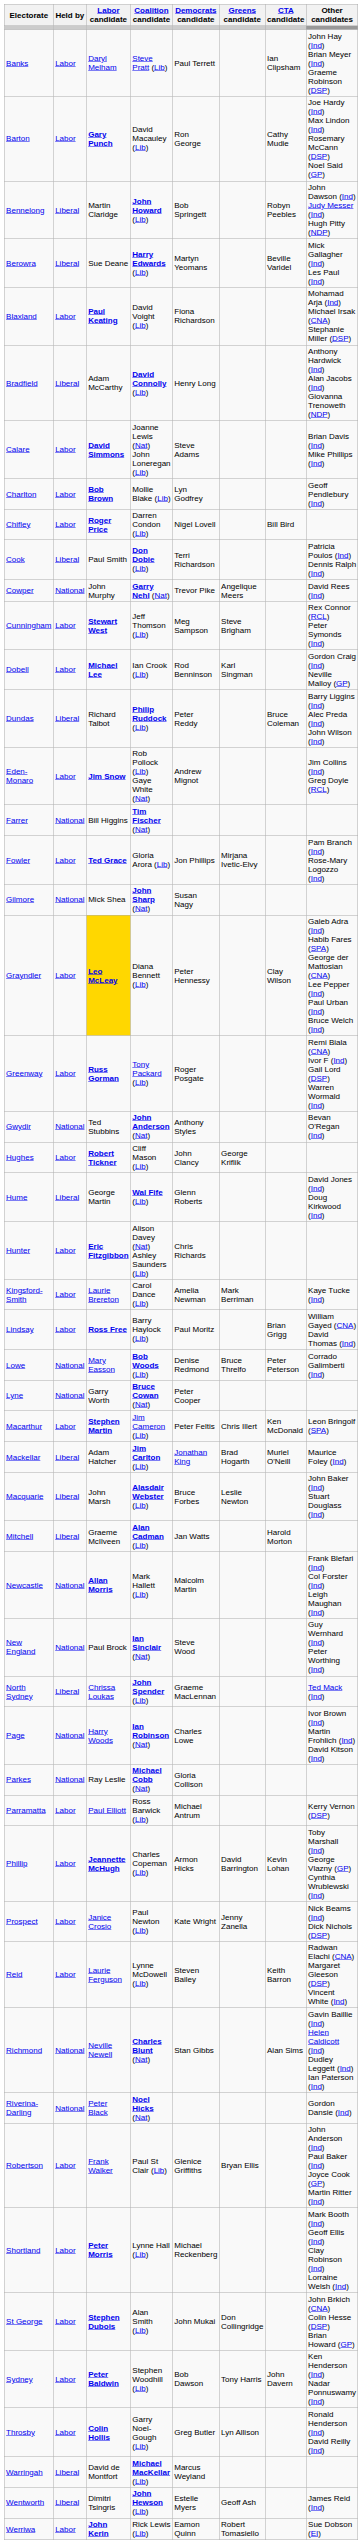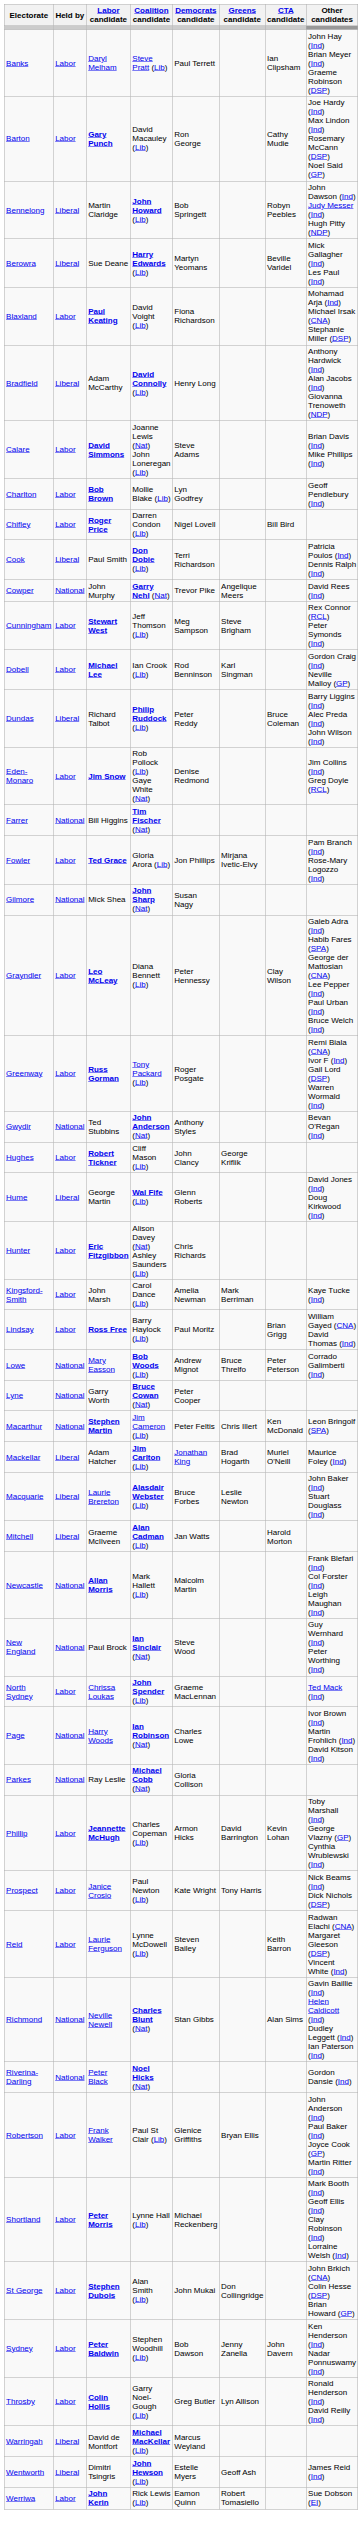 <table class="wikitable">
 <tr>
 <th>Electorate</th>
 <th>Held by</th>
 <th><a href='#'>Labor</a> candidate</th>
 <th><a href='#'>Coalition</a> candidate</th>
 <th><a href='#'>Democrats</a> candidate</th>
 <th><a href='#'>Greens</a> candidate</th>
 <th><a href='#'>CTA</a> candidate</th>
 <th>Other candidates</th>
 </tr>
 <tr bgcolor="#cccccc">
 <td></td>
 <td></td>
 <td></td>
 <td></td>
 <td></td>
 <td></td>
 <td></td>
 <td bgcolor="#999999"></td>
 </tr>
 <tr>
 <td><a href='#'>Banks</a></td>
 <td><a href='#'>Labor</a></td>
 <td><a href='#'>Daryl Melham</a></td>
 <td><a href='#'>Steve Pratt</a> (<a href='#'>Lib</a>)</td>
 <td>Paul Terrett</td>
 <td></td>
 <td>Ian Clipsham</td>
 <td>John Hay (<a href='#'>Ind</a>)<br>Brian Meyer (<a href='#'>Ind</a>)<br>Graeme Robinson (<a href='#'>DSP</a>)</td>
 </tr>
 <tr>
 <td><a href='#'>Barton</a></td>
 <td><a href='#'>Labor</a></td>
 <td><strong><a href='#'>Gary Punch</a></strong></td>
 <td>David Macauley (<a href='#'>Lib</a>)</td>
 <td>Ron George</td>
 <td></td>
 <td>Cathy Mudie</td>
 <td>Joe Hardy (<a href='#'>Ind</a>)<br>Max Lindon (<a href='#'>Ind</a>)<br>Rosemary McCann (<a href='#'>DSP</a>)<br>Noel Said (<a href='#'>GP</a>)</td>
 </tr>
 <tr>
 <td><a href='#'>Bennelong</a></td>
 <td><a href='#'>Liberal</a></td>
 <td>Martin Claridge</td>
 <td><strong><a href='#'>John Howard</a></strong> (<a href='#'>Lib</a>)</td>
 <td>Bob Springett</td>
 <td></td>
 <td>Robyn Peebles</td>
 <td>John Dawson (<a href='#'>Ind</a>)<br><a href='#'>Judy Messer</a> (<a href='#'>Ind</a>)<br>Hugh Pitty (<a href='#'>NDP</a>)</td>
 </tr>
 <tr>
 <td><a href='#'>Berowra</a></td>
 <td><a href='#'>Liberal</a></td>
 <td>Sue Deane</td>
 <td><strong><a href='#'>Harry Edwards</a></strong> (<a href='#'>Lib</a>)</td>
 <td>Martyn Yeomans</td>
 <td></td>
 <td>Beville Varidel</td>
 <td>Mick Gallagher (<a href='#'>Ind</a>)<br>Les Paul (<a href='#'>Ind</a>)</td>
 </tr>
 <tr>
 <td><a href='#'>Blaxland</a></td>
 <td><a href='#'>Labor</a></td>
 <td><strong><a href='#'>Paul Keating</a></strong></td>
 <td>David Voight (<a href='#'>Lib</a>)</td>
 <td>Fiona Richardson</td>
 <td></td>
 <td></td>
 <td>Mohamad Arja (<a href='#'>Ind</a>)<br>Michael Irsak (<a href='#'>CNA</a>)<br>Stephanie Miller (<a href='#'>DSP</a>)</td>
 </tr>
 <tr>
 <td><a href='#'>Bradfield</a></td>
 <td><a href='#'>Liberal</a></td>
 <td>Adam McCarthy</td>
 <td><strong><a href='#'>David Connolly</a></strong> (<a href='#'>Lib</a>)</td>
 <td>Henry Long</td>
 <td></td>
 <td></td>
 <td>Anthony Hardwick (<a href='#'>Ind</a>)<br>Alan Jacobs (<a href='#'>Ind</a>)<br>Giovanna Trenoweth (<a href='#'>NDP</a>)</td>
 </tr>
 <tr>
 <td><a href='#'>Calare</a></td>
 <td><a href='#'>Labor</a></td>
 <td><strong><a href='#'>David Simmons</a></strong></td>
 <td>Joanne Lewis (<a href='#'>Nat</a>)<br>John Loneregan (<a href='#'>Lib</a>)</td>
 <td>Steve Adams</td>
 <td></td>
 <td></td>
 <td>Brian Davis (<a href='#'>Ind</a>)<br>Mike Phillips (<a href='#'>Ind</a>)</td>
 </tr>
 <tr>
 <td><a href='#'>Charlton</a></td>
 <td><a href='#'>Labor</a></td>
 <td><strong><a href='#'>Bob Brown</a></strong></td>
 <td>Mollie Blake (<a href='#'>Lib</a>)</td>
 <td>Lyn Godfrey</td>
 <td></td>
 <td></td>
 <td>Geoff Pendlebury (<a href='#'>Ind</a>)</td>
 </tr>
 <tr>
 <td><a href='#'>Chifley</a></td>
 <td><a href='#'>Labor</a></td>
 <td><strong><a href='#'>Roger Price</a></strong></td>
 <td>Darren Condon (<a href='#'>Lib</a>)</td>
 <td>Nigel Lovell</td>
 <td></td>
 <td>Bill Bird</td>
 <td></td>
 </tr>
 <tr>
 <td><a href='#'>Cook</a></td>
 <td><a href='#'>Liberal</a></td>
 <td>Paul Smith</td>
 <td><strong><a href='#'>Don Dobie</a></strong> (<a href='#'>Lib</a>)</td>
 <td>Terri Richardson</td>
 <td></td>
 <td></td>
 <td>Patricia Poulos (<a href='#'>Ind</a>)<br>Dennis Ralph (<a href='#'>Ind</a>)</td>
 </tr>
 <tr>
 <td><a href='#'>Cowper</a></td>
 <td><a href='#'>National</a></td>
 <td>John Murphy</td>
 <td><strong><a href='#'>Garry Nehl</a></strong> (<a href='#'>Nat</a>)</td>
 <td>Trevor Pike</td>
 <td>Angelique Meers</td>
 <td></td>
 <td>David Rees (<a href='#'>Ind</a>)</td>
 </tr>
 <tr>
 <td><a href='#'>Cunningham</a></td>
 <td><a href='#'>Labor</a></td>
 <td><strong><a href='#'>Stewart West</a></strong></td>
 <td>Jeff Thomson (<a href='#'>Lib</a>)</td>
 <td>Meg Sampson</td>
 <td>Steve Brigham</td>
 <td></td>
 <td>Rex Connor (<a href='#'>RCL</a>)<br>Peter Symonds (<a href='#'>Ind</a>)</td>
 </tr>
 <tr>
 <td><a href='#'>Dobell</a></td>
 <td><a href='#'>Labor</a></td>
 <td><strong><a href='#'>Michael Lee</a></strong></td>
 <td>Ian Crook (<a href='#'>Lib</a>)</td>
 <td>Rod Benninson</td>
 <td>Karl Singman</td>
 <td></td>
 <td>Gordon Craig (<a href='#'>Ind</a>)<br>Neville Malloy (<a href='#'>GP</a>)</td>
 </tr>
 <tr>
 <td><a href='#'>Dundas</a></td>
 <td><a href='#'>Liberal</a></td>
 <td>Richard Talbot</td>
 <td><strong><a href='#'>Philip Ruddock</a></strong> (<a href='#'>Lib</a>)</td>
 <td>Peter Reddy</td>
 <td></td>
 <td>Bruce Coleman</td>
 <td>Barry Liggins (<a href='#'>Ind</a>)<br>Alec Preda (<a href='#'>Ind</a>)<br>John Wilson (<a href='#'>Ind</a>)</td>
 </tr>
 <tr>
 <td><a href='#'>Eden-Monaro</a></td>
 <td><a href='#'>Labor</a></td>
 <td><strong><a href='#'>Jim Snow</a></strong></td>
 <td>Rob Pollock (<a href='#'>Lib</a>)<br>Gaye White (<a href='#'>Nat</a>)</td>
-<td>Andrew Mignot</td>
+<td>Denise Redmond</td>
 <td></td>
 <td></td>
 <td>Jim Collins (<a href='#'>Ind</a>)<br>Greg Doyle (<a href='#'>RCL</a>)</td>
 </tr>
 <tr>
 <td><a href='#'>Farrer</a></td>
 <td><a href='#'>National</a></td>
 <td>Bill Higgins</td>
 <td><strong><a href='#'>Tim Fischer</a></strong> (<a href='#'>Nat</a>)</td>
 <td></td>
 <td></td>
 <td></td>
 <td></td>
 </tr>
 <tr>
 <td><a href='#'>Fowler</a></td>
 <td><a href='#'>Labor</a></td>
 <td><strong><a href='#'>Ted Grace</a></strong></td>
 <td>Gloria Arora (<a href='#'>Lib</a>)</td>
 <td>Jon Phillips</td>
 <td>Mirjana Ivetic-Elvy</td>
 <td></td>
 <td>Pam Branch (<a href='#'>Ind</a>)<br>Rose-Mary Logozzo (<a href='#'>Ind</a>)</td>
 </tr>
 <tr>
 <td><a href='#'>Gilmore</a></td>
 <td><a href='#'>National</a></td>
 <td>Mick Shea</td>
 <td><strong><a href='#'>John Sharp</a></strong> (<a href='#'>Nat</a>)</td>
 <td>Susan Nagy</td>
 <td></td>
 <td></td>
 <td></td>
 </tr>
 <tr>
 <td><a href='#'>Grayndler</a></td>
 <td><a href='#'>Labor</a></td>
-<td style="background: gold;"><strong><a href='#'>Leo McLeay</a></strong></td>
+<td><strong><a href='#'>Leo McLeay</a></strong></td>
 <td>Diana Bennett (<a href='#'>Lib</a>)</td>
 <td>Peter Hennessy</td>
 <td></td>
 <td>Clay Wilson</td>
 <td>Galeb Adra (<a href='#'>Ind</a>)<br>Habib Fares (<a href='#'>SPA</a>)<br>George der Mattosian (<a href='#'>CNA</a>)<br>Lee Pepper (<a href='#'>Ind</a>)<br>Paul Urban (<a href='#'>Ind</a>)<br>Bruce Welch (<a href='#'>Ind</a>)</td>
 </tr>
 <tr>
 <td><a href='#'>Greenway</a></td>
 <td><a href='#'>Labor</a></td>
 <td><strong><a href='#'>Russ Gorman</a></strong></td>
 <td><a href='#'>Tony Packard</a> (<a href='#'>Lib</a>)</td>
 <td>Roger Posgate</td>
 <td></td>
 <td></td>
 <td>Remi Biala (<a href='#'>CNA</a>)<br>Ivor F (<a href='#'>Ind</a>)<br>Gail Lord (<a href='#'>DSP</a>)<br>Warren Wormald (<a href='#'>Ind</a>)</td>
 </tr>
 <tr>
 <td><a href='#'>Gwydir</a></td>
 <td><a href='#'>National</a></td>
 <td>Ted Stubbins</td>
 <td><strong><a href='#'>John Anderson</a></strong> (<a href='#'>Nat</a>)</td>
 <td>Anthony Styles</td>
 <td></td>
 <td></td>
 <td>Bevan O'Regan (<a href='#'>Ind</a>)</td>
 </tr>
 <tr>
 <td><a href='#'>Hughes</a></td>
 <td><a href='#'>Labor</a></td>
 <td><strong><a href='#'>Robert Tickner</a></strong></td>
 <td>Cliff Mason (<a href='#'>Lib</a>)</td>
 <td>John Clancy</td>
 <td>George Kriflik</td>
 <td></td>
 <td></td>
 </tr>
 <tr>
 <td><a href='#'>Hume</a></td>
 <td><a href='#'>Liberal</a></td>
 <td>George Martin</td>
 <td><strong><a href='#'>Wal Fife</a></strong> (<a href='#'>Lib</a>)</td>
 <td>Glenn Roberts</td>
 <td></td>
 <td></td>
 <td>David Jones (<a href='#'>Ind</a>)<br>Doug Kirkwood (<a href='#'>Ind</a>)</td>
 </tr>
 <tr>
 <td><a href='#'>Hunter</a></td>
 <td><a href='#'>Labor</a></td>
 <td><strong><a href='#'>Eric Fitzgibbon</a></strong></td>
 <td>Alison Davey (<a href='#'>Nat</a>)<br>Ashley Saunders (<a href='#'>Lib</a>)</td>
 <td>Chris Richards</td>
 <td></td>
 <td></td>
 <td></td>
 </tr>
 <tr>
 <td><a href='#'>Kingsford-Smith</a></td>
 <td><a href='#'>Labor</a></td>
-<td><a href='#'>Laurie Brereton</a></td>
+<td>John Marsh</td>
 <td>Carol Dance (<a href='#'>Lib</a>)</td>
 <td>Amelia Newman</td>
 <td>Mark Berriman</td>
 <td></td>
 <td>Kaye Tucke (<a href='#'>Ind</a>)</td>
 </tr>
 <tr>
 <td><a href='#'>Lindsay</a></td>
 <td><a href='#'>Labor</a></td>
 <td><strong><a href='#'>Ross Free</a></strong></td>
 <td>Barry Haylock (<a href='#'>Lib</a>)</td>
 <td>Paul Moritz</td>
 <td></td>
 <td>Brian Grigg</td>
 <td>William Gayed (<a href='#'>CNA</a>)<br>David Thomas (<a href='#'>Ind</a>)</td>
 </tr>
 <tr>
 <td><a href='#'>Lowe</a></td>
 <td><a href='#'>National</a></td>
 <td><a href='#'>Mary Easson</a></td>
 <td><strong><a href='#'>Bob Woods</a></strong> (<a href='#'>Lib</a>)</td>
-<td>Denise Redmond</td>
+<td>Andrew Mignot</td>
 <td>Bruce Threlfo</td>
 <td>Peter Peterson</td>
 <td>Corrado Galimberti (<a href='#'>Ind</a>)</td>
 </tr>
 <tr>
 <td><a href='#'>Lyne</a></td>
 <td><a href='#'>National</a></td>
 <td>Garry Worth</td>
 <td><strong><a href='#'>Bruce Cowan</a></strong> (<a href='#'>Nat</a>)</td>
 <td>Peter Cooper</td>
 <td></td>
 <td></td>
 <td></td>
 </tr>
 <tr>
 <td><a href='#'>Macarthur</a></td>
-<td><a href='#'>Labor</a></td>
+<td><a href='#'>National</a></td>
 <td><strong><a href='#'>Stephen Martin</a></strong></td>
 <td><a href='#'>Jim Cameron</a> (<a href='#'>Lib</a>)</td>
 <td>Peter Feltis</td>
 <td>Chris Illert</td>
 <td>Ken McDonald</td>
 <td>Leon Bringolf (<a href='#'>SPA</a>)</td>
 </tr>
 <tr>
 <td><a href='#'>Mackellar</a></td>
 <td><a href='#'>Liberal</a></td>
 <td>Adam Hatcher</td>
 <td><strong><a href='#'>Jim Carlton</a></strong> (<a href='#'>Lib</a>)</td>
 <td><a href='#'>Jonathan King</a></td>
 <td>Brad Hogarth</td>
 <td>Muriel O'Neill</td>
 <td>Maurice Foley (<a href='#'>Ind</a>)</td>
 </tr>
 <tr>
 <td><a href='#'>Macquarie</a></td>
 <td><a href='#'>Liberal</a></td>
-<td>John Marsh</td>
+<td><a href='#'>Laurie Brereton</a></td>
 <td><strong><a href='#'>Alasdair Webster</a></strong> (<a href='#'>Lib</a>)</td>
 <td>Bruce Forbes</td>
 <td>Leslie Newton</td>
 <td></td>
 <td>John Baker (<a href='#'>Ind</a>)<br>Stuart Douglass (<a href='#'>Ind</a>)</td>
 </tr>
 <tr>
 <td><a href='#'>Mitchell</a></td>
 <td><a href='#'>Liberal</a></td>
 <td>Graeme McIlveen</td>
 <td><strong><a href='#'>Alan Cadman</a></strong> (<a href='#'>Lib</a>)</td>
 <td>Jan Watts</td>
 <td></td>
 <td>Harold Morton</td>
 <td></td>
 </tr>
 <tr>
 <td><a href='#'>Newcastle</a></td>
 <td><a href='#'>National</a></td>
 <td><strong><a href='#'>Allan Morris</a></strong></td>
 <td>Mark Hallett (<a href='#'>Lib</a>)</td>
 <td>Malcolm Martin</td>
 <td></td>
 <td></td>
 <td>Frank Blefari (<a href='#'>Ind</a>)<br>Col Forster (<a href='#'>Ind</a>)<br>Leigh Maughan (<a href='#'>Ind</a>)</td>
 </tr>
 <tr>
 <td><a href='#'>New England</a></td>
 <td><a href='#'>National</a></td>
 <td>Paul Brock</td>
 <td><strong><a href='#'>Ian Sinclair</a></strong> (<a href='#'>Nat</a>)</td>
 <td>Steve Wood</td>
 <td></td>
 <td></td>
 <td>Guy Wernhard (<a href='#'>Ind</a>)<br>Peter Worthing (<a href='#'>Ind</a>)</td>
 </tr>
 <tr>
 <td><a href='#'>North Sydney</a></td>
-<td><a href='#'>Liberal</a></td>
+<td><a href='#'>Labor</a></td>
 <td><a href='#'>Chrissa Loukas</a></td>
 <td><strong><a href='#'>John Spender</a></strong> (<a href='#'>Lib</a>)</td>
 <td>Graeme MacLennan</td>
 <td></td>
 <td></td>
 <td><a href='#'>Ted Mack</a> (<a href='#'>Ind</a>)</td>
 </tr>
 <tr>
 <td><a href='#'>Page</a></td>
 <td><a href='#'>National</a></td>
 <td><a href='#'>Harry Woods</a></td>
 <td><strong><a href='#'>Ian Robinson</a></strong> (<a href='#'>Nat</a>)</td>
 <td>Charles Lowe</td>
 <td></td>
 <td></td>
 <td>Ivor Brown (<a href='#'>Ind</a>)<br>Martin Frohlich (<a href='#'>Ind</a>)<br>David Kitson (<a href='#'>Ind</a>)</td>
 </tr>
 <tr>
 <td><a href='#'>Parkes</a></td>
 <td><a href='#'>National</a></td>
 <td>Ray Leslie</td>
 <td><strong><a href='#'>Michael Cobb</a></strong> (<a href='#'>Nat</a>)</td>
 <td>Gloria Collison</td>
 <td></td>
 <td></td>
 <td></td>
 </tr>
 <tr>
-<td><a href='#'>Parramatta</a></td>
-<td><a href='#'>Labor</a></td>
-<td><a href='#'>Paul Elliott</a></td>
-<td>Ross Barwick (<a href='#'>Lib</a>)</td>
-<td>Michael Antrum</td>
-<td></td>
-<td></td>
-<td>Kerry Vernon (<a href='#'>DSP</a>)</td>
-</tr>
-<tr>
 <td><a href='#'>Phillip</a></td>
 <td><a href='#'>Labor</a></td>
 <td><strong><a href='#'>Jeannette McHugh</a></strong></td>
 <td>Charles Copeman (<a href='#'>Lib</a>)</td>
 <td>Armon Hicks</td>
 <td>David Barrington</td>
 <td>Kevin Lohan</td>
 <td>Toby Marshall (<a href='#'>Ind</a>)<br>George Vlazny (<a href='#'>GP</a>)<br>Cynthia Wrublewski (<a href='#'>Ind</a>)</td>
 </tr>
 <tr>
 <td><a href='#'>Prospect</a></td>
 <td><a href='#'>Labor</a></td>
 <td><a href='#'>Janice Crosio</a></td>
 <td>Paul Newton (<a href='#'>Lib</a>)</td>
 <td>Kate Wright</td>
-<td>Jenny Zanella</td>
+<td>Tony Harris</td>
 <td></td>
 <td>Nick Beams (<a href='#'>Ind</a>)<br>Dick Nichols (<a href='#'>DSP</a>)</td>
 </tr>
 <tr>
 <td><a href='#'>Reid</a></td>
 <td><a href='#'>Labor</a></td>
 <td><a href='#'>Laurie Ferguson</a></td>
 <td>Lynne McDowell (<a href='#'>Lib</a>)</td>
 <td>Steven Bailey</td>
 <td></td>
 <td>Keith Barron</td>
 <td>Radwan Elachi (<a href='#'>CNA</a>)<br>Margaret Gleeson (<a href='#'>DSP</a>)<br>Vincent White (<a href='#'>Ind</a>)</td>
 </tr>
 <tr>
 <td><a href='#'>Richmond</a></td>
 <td><a href='#'>National</a></td>
 <td><a href='#'>Neville Newell</a></td>
 <td><strong><a href='#'>Charles Blunt</a></strong> (<a href='#'>Nat</a>)</td>
 <td>Stan Gibbs</td>
 <td></td>
 <td>Alan Sims</td>
 <td>Gavin Baillie (<a href='#'>Ind</a>)<br><a href='#'>Helen Caldicott</a> (<a href='#'>Ind</a>)<br>Dudley Leggett (<a href='#'>Ind</a>)<br>Ian Paterson (<a href='#'>Ind</a>)</td>
 </tr>
 <tr>
 <td><a href='#'>Riverina-Darling</a></td>
 <td><a href='#'>National</a></td>
 <td><a href='#'>Peter Black</a></td>
 <td><strong><a href='#'>Noel Hicks</a></strong> (<a href='#'>Nat</a>)</td>
 <td></td>
 <td></td>
 <td></td>
 <td>Gordon Dansie (<a href='#'>Ind</a>)</td>
 </tr>
 <tr>
 <td><a href='#'>Robertson</a></td>
 <td><a href='#'>Labor</a></td>
 <td><a href='#'>Frank Walker</a></td>
 <td>Paul St Clair (<a href='#'>Lib</a>)</td>
 <td>Glenice Griffiths</td>
 <td>Bryan Ellis</td>
 <td></td>
 <td>John Anderson (<a href='#'>Ind</a>)<br>Paul Baker (<a href='#'>Ind</a>)<br>Joyce Cook (<a href='#'>GP</a>)<br>Martin Ritter (<a href='#'>Ind</a>)</td>
 </tr>
 <tr>
 <td><a href='#'>Shortland</a></td>
 <td><a href='#'>Labor</a></td>
 <td><strong><a href='#'>Peter Morris</a></strong></td>
 <td>Lynne Hall (<a href='#'>Lib</a>)</td>
 <td>Michael Reckenberg</td>
 <td></td>
 <td></td>
 <td>Mark Booth (<a href='#'>Ind</a>)<br>Geoff Ellis (<a href='#'>Ind</a>)<br>Clay Robinson (<a href='#'>Ind</a>)<br>Lorraine Welsh (<a href='#'>Ind</a>)</td>
 </tr>
 <tr>
 <td><a href='#'>St George</a></td>
 <td><a href='#'>Labor</a></td>
 <td><strong><a href='#'>Stephen Dubois</a></strong></td>
 <td>Alan Smith (<a href='#'>Lib</a>)</td>
 <td>John Mukai</td>
 <td>Don Collingridge</td>
 <td></td>
 <td>John Brkich (<a href='#'>CNA</a>)<br>Colin Hesse (<a href='#'>DSP</a>)<br>Brian Howard (<a href='#'>GP</a>)</td>
 </tr>
 <tr>
 <td><a href='#'>Sydney</a></td>
 <td><a href='#'>Labor</a></td>
 <td><strong><a href='#'>Peter Baldwin</a></strong></td>
 <td>Stephen Woodhill (<a href='#'>Lib</a>)</td>
 <td>Bob Dawson</td>
-<td>Tony Harris</td>
+<td>Jenny Zanella</td>
 <td>John Davern</td>
 <td>Ken Henderson (<a href='#'>Ind</a>)<br>Nadar Ponnuswamy (<a href='#'>Ind</a>)</td>
 </tr>
 <tr>
 <td><a href='#'>Throsby</a></td>
 <td><a href='#'>Labor</a></td>
 <td><strong><a href='#'>Colin Hollis</a></strong></td>
 <td>Garry Noel-Gough (<a href='#'>Lib</a>)</td>
 <td>Greg Butler</td>
 <td>Lyn Allison</td>
 <td></td>
 <td>Ronald Henderson (<a href='#'>Ind</a>)<br>David Reilly (<a href='#'>Ind</a>)</td>
 </tr>
 <tr>
 <td><a href='#'>Warringah</a></td>
 <td><a href='#'>Liberal</a></td>
 <td>David de Montfort</td>
 <td><strong><a href='#'>Michael MacKellar</a></strong> (<a href='#'>Lib</a>)</td>
 <td>Marcus Weyland</td>
 <td></td>
 <td></td>
 <td></td>
 </tr>
 <tr>
 <td><a href='#'>Wentworth</a></td>
 <td><a href='#'>Liberal</a></td>
 <td>Dimitri Tsingris</td>
 <td><strong><a href='#'>John Hewson</a></strong> (<a href='#'>Lib</a>)</td>
 <td>Estelle Myers</td>
 <td>Geoff Ash</td>
 <td></td>
 <td>James Reid (<a href='#'>Ind</a>)</td>
 </tr>
 <tr>
 <td><a href='#'>Werriwa</a></td>
 <td><a href='#'>Labor</a></td>
 <td><strong><a href='#'>John Kerin</a></strong></td>
 <td>Rick Lewis (<a href='#'>Lib</a>)</td>
 <td>Eamon Quinn</td>
 <td>Robert Tomasiello</td>
 <td></td>
 <td>Sue Dobson (<a href='#'>EI</a>)</td>
 </tr>
 </table>
